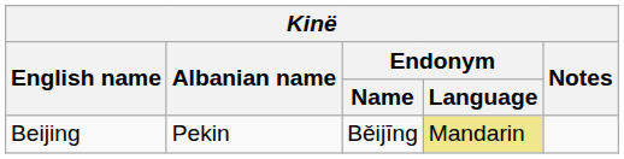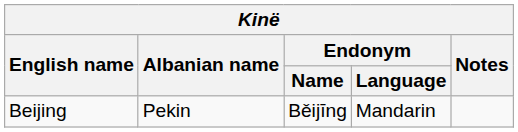 <table class="wikitable sortable">
 <tr>
 <th colspan="5"> <em>Kinë</em></th>
 </tr>
 <tr>
 <th rowspan="2">English name</th>
 <th rowspan="2">Albanian name</th>
 <th colspan="2">Endonym</th>
 <th rowspan="2">Notes</th>
 </tr>
 <tr>
 <th>Name</th>
 <th>Language</th>
 </tr>
 <tr>
 <td>Beijing</td>
 <td>Pekin</td>
 <td>Běijīng</td>
-<td style="background: khaki;">Mandarin</td>
+<td>Mandarin</td>
 <td></td>
 </tr>
 </table>
